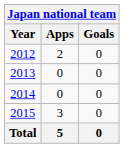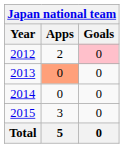 <table class="wikitable" style="text-align:center">
 <tr>
 <th colspan=3><a href='#'>Japan national team</a></th>
 </tr>
 <tr>
 <th>Year</th>
 <th>Apps</th>
 <th>Goals</th>
 </tr>
 <tr>
 <td><a href='#'>2012</a></td>
 <td>2</td>
-<td>0</td>
+<td style="background: pink;">0</td>
 </tr>
 <tr>
 <td><a href='#'>2013</a></td>
-<td>0</td>
+<td style="background: lightsalmon;">0</td>
 <td>0</td>
 </tr>
 <tr>
 <td><a href='#'>2014</a></td>
 <td>0</td>
 <td>0</td>
 </tr>
 <tr>
 <td><a href='#'>2015</a></td>
 <td>3</td>
 <td>0</td>
 </tr>
 <tr>
 <th>Total</th>
 <th>5</th>
 <th>0</th>
 </tr>
 </table>
